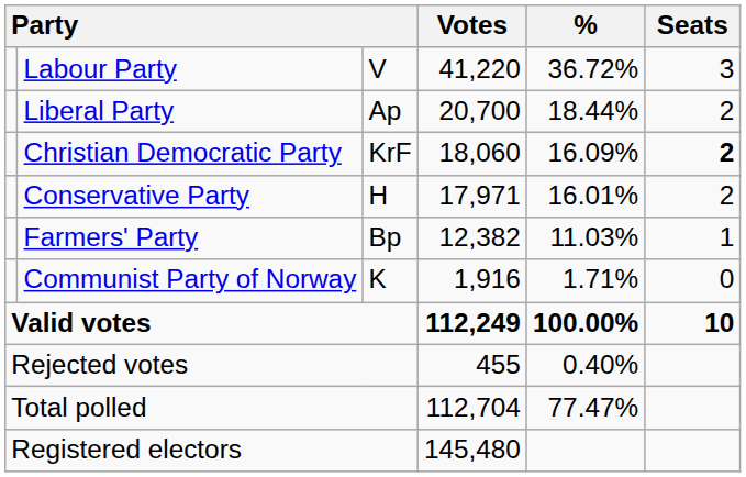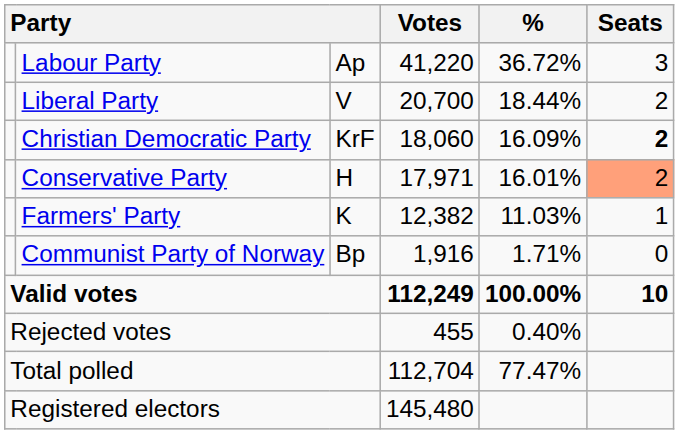 <table class="wikitable" border="1" style="text-align:right;">
 <tr>
 <th style="text-align:left;" colspan=3>Party</th>
 <th align=center width="50">Votes</th>
 <th align=center width="50">%</th>
 <th align=center width="50">Seats</th>
 </tr>
 <tr>
 <td style="color:inherit;background:"></td>
 <td align=left><a href='#'>Labour Party</a></td>
-<td align=left>V</td>
+<td align=left>Ap</td>
 <td>41,220</td>
 <td>36.72%</td>
 <td>3</td>
 </tr>
 <tr>
 <td style="color:inherit;background:"></td>
 <td align=left><a href='#'>Liberal Party</a></td>
-<td align=left>Ap</td>
+<td align=left>V</td>
 <td>20,700</td>
 <td>18.44%</td>
 <td>2</td>
 </tr>
 <tr>
 <td style="color:inherit;background:"></td>
 <td align=left><a href='#'>Christian Democratic Party</a></td>
 <td align=left>KrF</td>
 <td>18,060</td>
 <td>16.09%</td>
 <td><strong>2</strong></td>
 </tr>
 <tr>
 <td style="color:inherit;background:"></td>
 <td align=left><a href='#'>Conservative Party</a></td>
 <td align=left>H</td>
 <td>17,971</td>
 <td>16.01%</td>
-<td>2</td>
+<td style="background: lightsalmon;">2</td>
 </tr>
 <tr>
 <td style="color:inherit;background:"></td>
 <td align=left><a href='#'>Farmers' Party</a></td>
-<td align=left>Bp</td>
+<td align=left>K</td>
 <td>12,382</td>
 <td>11.03%</td>
 <td>1</td>
 </tr>
 <tr>
 <td style="color:inherit;background:"></td>
 <td align=left><a href='#'>Communist Party of Norway</a></td>
-<td align=left>K</td>
+<td align=left>Bp</td>
 <td>1,916</td>
 <td>1.71%</td>
 <td>0</td>
 </tr>
 <tr style="font-weight:bold">
 <td align=left colspan=3>Valid votes</td>
 <td>112,249</td>
 <td>100.00%</td>
 <td>10</td>
 </tr>
 <tr>
 <td align=left colspan=3>Rejected votes</td>
 <td>455</td>
 <td>0.40%</td>
 <td></td>
 </tr>
 <tr>
 <td align=left colspan=3>Total polled</td>
 <td>112,704</td>
 <td>77.47%</td>
 <td></td>
 </tr>
 <tr>
 <td align=left colspan=3>Registered electors</td>
 <td>145,480</td>
 <td></td>
 <td></td>
 </tr>
 </table>
